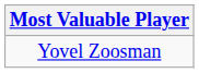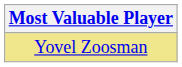 <table class=wikitable style="text-align:center">
 <tr>
 <th><a href='#'>Most Valuable Player</a></th>
 </tr>
 <tr>
-<td> <a href='#'>Yovel Zoosman</a></td>
+<td style="background: khaki;"> <a href='#'>Yovel Zoosman</a></td>
 </tr>
 </table>
